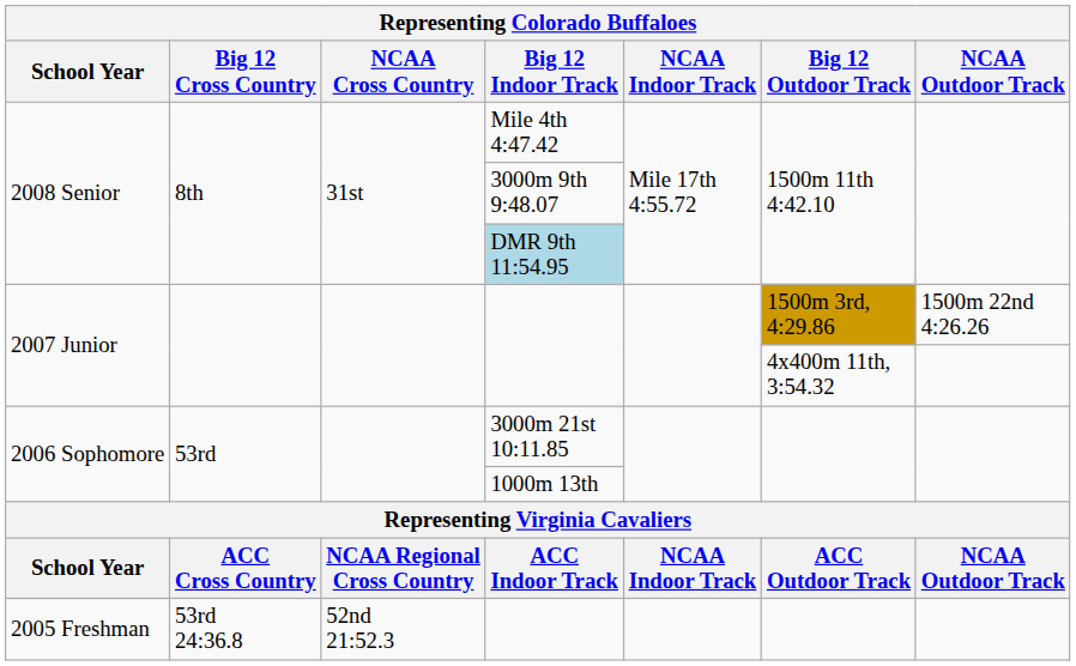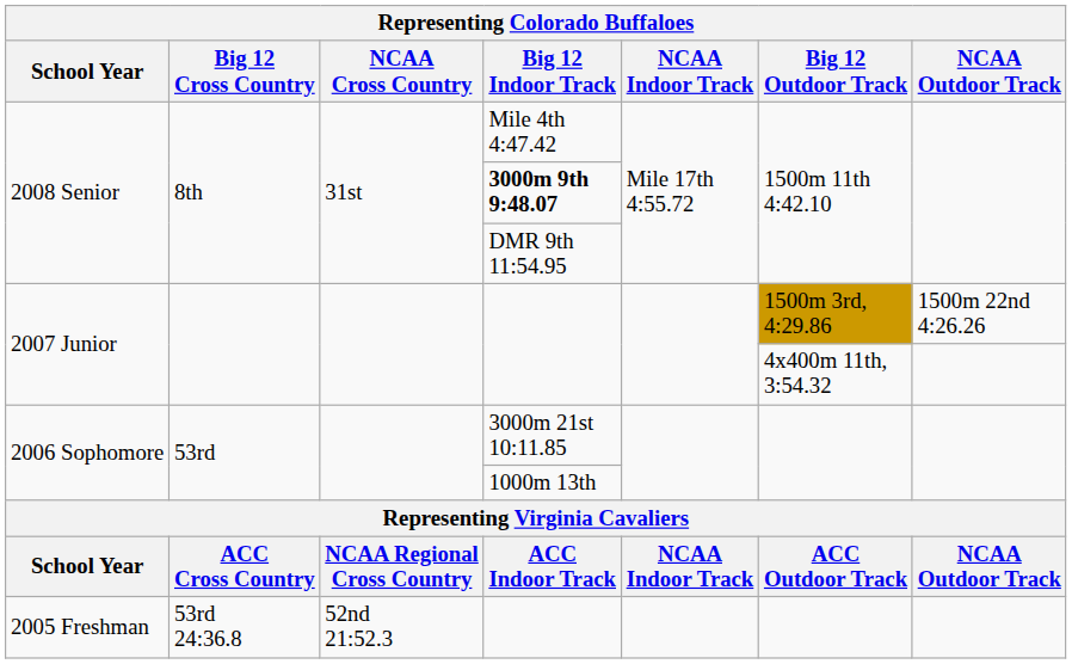 <table class="wikitable sortable">
 <tr>
 <th colspan="7">Representing <a href='#'>Colorado Buffaloes</a></th>
 </tr>
 <tr>
 <th>School Year</th>
 <th><a href='#'>Big 12</a><br><a href='#'>Cross Country</a></th>
 <th><a href='#'>NCAA</a><br><a href='#'>Cross Country</a></th>
 <th><a href='#'>Big 12</a><br><a href='#'>Indoor Track</a></th>
 <th><a href='#'>NCAA</a><br><a href='#'>Indoor Track</a></th>
 <th><a href='#'>Big 12</a><br><a href='#'>Outdoor Track</a></th>
 <th><a href='#'>NCAA</a><br><a href='#'>Outdoor Track</a></th>
 </tr>
 <tr>
 <td rowspan=3>2008 Senior</td>
 <td rowspan=3>8th</td>
 <td rowspan=3>31st</td>
 <td>Mile 4th<br>4:47.42</td>
 <td rowspan=3>Mile 17th<br>4:55.72</td>
 <td rowspan=3>1500m 11th<br>4:42.10</td>
 <td rowspan=3></td>
 </tr>
 <tr>
-<td>3000m 9th<br>9:48.07</td>
+<td><strong>3000m 9th<br>9:48.07</strong></td>
 </tr>
 <tr>
-<td style="background: lightblue;">DMR 9th<br>11:54.95</td>
+<td>DMR 9th<br>11:54.95</td>
 </tr>
 <tr>
 <td rowspan=2>2007 Junior</td>
 <td rowspan=2></td>
 <td rowspan=2></td>
 <td rowspan=2></td>
 <td rowspan=2></td>
 <td style="background:#c90;">1500m 3rd,<br>4:29.86</td>
 <td>1500m 22nd<br>4:26.26</td>
 </tr>
 <tr>
 <td>4x400m 11th,<br>3:54.32</td>
 <td></td>
 </tr>
 <tr>
 <td rowspan=2>2006 Sophomore</td>
 <td rowspan=2>53rd</td>
 <td rowspan=2></td>
 <td>3000m 21st<br>10:11.85<br></td>
 <td rowspan=2></td>
 <td rowspan=2></td>
 <td rowspan=2></td>
 </tr>
 <tr>
 <td>1000m 13th</td>
 </tr>
 <tr>
 <th colspan="7">Representing <a href='#'>Virginia Cavaliers</a></th>
 </tr>
 <tr>
 <th>School Year</th>
 <th><a href='#'>ACC</a><br><a href='#'>Cross Country</a></th>
 <th><a href='#'>NCAA Regional</a><br><a href='#'>Cross Country</a></th>
 <th><a href='#'>ACC</a><br><a href='#'>Indoor Track</a></th>
 <th><a href='#'>NCAA</a><br><a href='#'>Indoor Track</a></th>
 <th><a href='#'>ACC</a><br><a href='#'>Outdoor Track</a></th>
 <th><a href='#'>NCAA</a><br><a href='#'>Outdoor Track</a></th>
 </tr>
 <tr>
 <td>2005 Freshman</td>
 <td>53rd<br>24:36.8</td>
 <td>52nd<br>21:52.3</td>
 <td></td>
 <td></td>
 <td></td>
 <td></td>
 </tr>
 </table>
